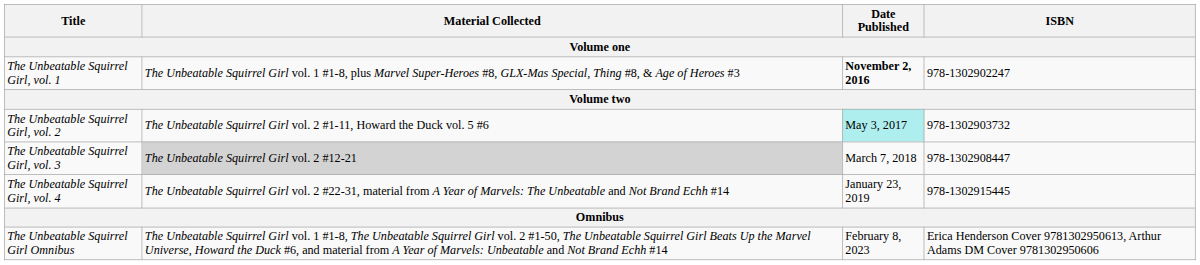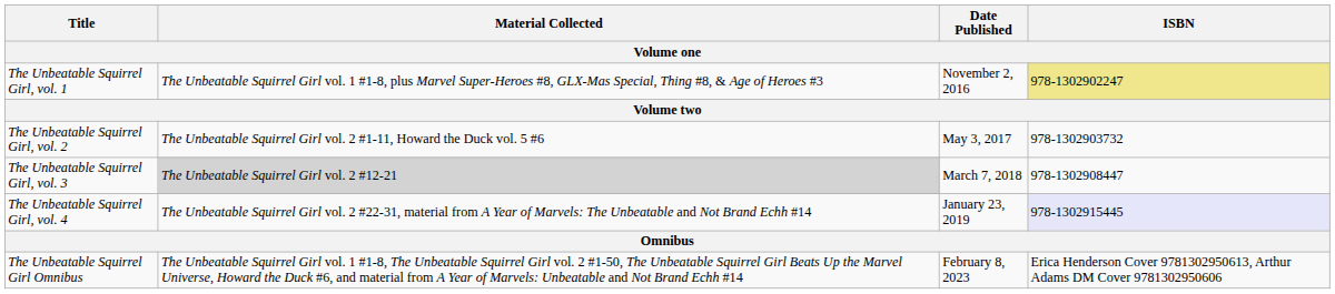 <table class="wikitable">
 <tr>
 <th>Title</th>
 <th>Material Collected</th>
 <th>Date Published</th>
 <th>ISBN</th>
 </tr>
 <tr>
 <th colspan="4">Volume one</th>
 </tr>
 <tr>
 <td><em>The Unbeatable Squirrel Girl, vol. 1</em></td>
 <td><em>The Unbeatable Squirrel Girl</em> vol. 1 #1-8, plus <em>Marvel Super-Heroes</em> #8, <em>GLX-Mas Special</em>, <em>Thing</em> #8, & <em>Age of Heroes</em> #3</td>
-<td><strong>November 2, 2016</strong></td>
-<td>978-1302902247</td>
+<td>November 2, 2016</td>
+<td style="background: khaki;">978-1302902247</td>
 </tr>
 <tr>
 <th colspan="4">Volume two</th>
 </tr>
 <tr>
 <td><em>The Unbeatable Squirrel Girl, vol. 2</em></td>
 <td><em>The Unbeatable Squirrel Girl</em> vol. 2 #1-11, Howard the Duck vol. 5 #6</td>
-<td style="background: paleturquoise;">May 3, 2017</td>
+<td>May 3, 2017</td>
 <td>978-1302903732</td>
 </tr>
 <tr>
 <td><em>The Unbeatable Squirrel Girl, vol. 3</em></td>
 <td style="background: lightgrey;"><em>The Unbeatable Squirrel Girl</em> vol. 2 #12-21</td>
 <td>March 7, 2018</td>
 <td>978-1302908447</td>
 </tr>
 <tr>
 <td><em>The Unbeatable Squirrel Girl, vol. 4</em></td>
 <td><em>The Unbeatable Squirrel Girl</em> vol. 2 #22-31, material from <em>A Year of Marvels: The Unbeatable</em> and <em>Not Brand Echh</em> #14</td>
 <td>January 23, 2019</td>
-<td>978-1302915445</td>
+<td style="background: lavender;">978-1302915445</td>
 </tr>
 <tr>
 <th colspan="4">Omnibus</th>
 </tr>
 <tr>
 <td><em>The Unbeatable Squirrel Girl Omnibus</em></td>
 <td><em>The Unbeatable Squirrel Girl</em> vol. 1 #1-8, <em>The Unbeatable Squirrel Girl</em> vol. 2 #1-50, <em>The Unbeatable Squirrel Girl Beats Up the Marvel Universe</em>, <em>Howard the Duck</em> #6, and material from <em>A Year of Marvels: Unbeatable</em> and <em>Not Brand Echh</em> #14</td>
 <td>February 8, 2023</td>
 <td>Erica Henderson Cover 9781302950613, Arthur Adams DM Cover 9781302950606</td>
 </tr>
 </table>
